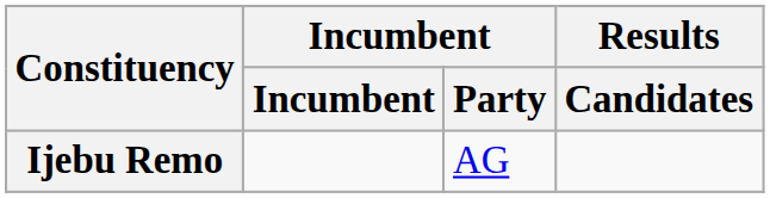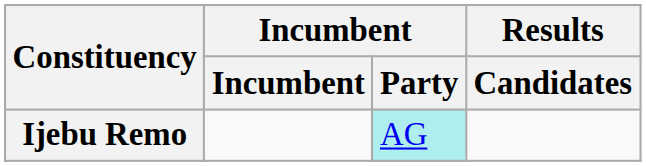 <table class="wikitable sortable">
 <tr>
 <th rowspan="2">Constituency</th>
 <th colspan="2">Incumbent</th>
 <th>Results</th>
 </tr>
 <tr valign="bottom">
 <th>Incumbent</th>
 <th>Party</th>
 <th>Candidates</th>
 </tr>
 <tr>
 <th>Ijebu Remo</th>
 <td></td>
-<td><a href='#'>AG</a></td>
+<td style="background: paleturquoise;"><a href='#'>AG</a></td>
 <td nowrap=""></td>
 </tr>
 </table>
